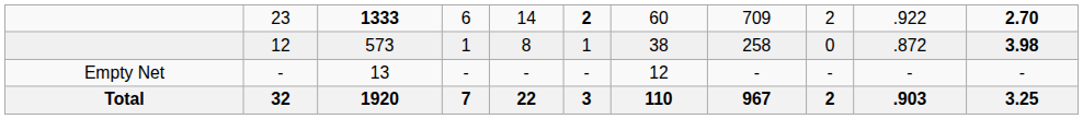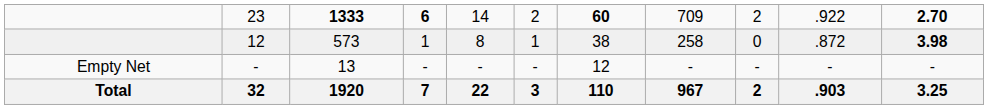 <table class="wikitable sortable" width ="1000">
 <tr align="center">
 </tr>
 <tr align="center" bgcolor="">
 <td></td>
 <td>23</td>
 <td><strong>1333</strong></td>
-<td>6</td>
+<td><strong>6</strong></td>
 <td>14</td>
-<td><strong>2</strong></td>
-<td>60</td>
+<td>2</td>
+<td><strong>60</strong></td>
 <td>709</td>
 <td>2</td>
 <td>.922</td>
 <td><strong>2.70</strong></td>
 </tr>
 <tr align="center" bgcolor="f0f0f0">
 <td></td>
 <td>12</td>
 <td>573</td>
 <td>1</td>
 <td>8</td>
 <td>1</td>
 <td>38</td>
 <td>258</td>
 <td>0</td>
 <td>.872</td>
 <td><strong>3.98</strong></td>
 </tr>
 <tr align="center" bgcolor="">
 <td>Empty Net</td>
 <td>-</td>
 <td>13</td>
 <td>-</td>
 <td>-</td>
 <td>-</td>
 <td>12</td>
 <td>-</td>
 <td>-</td>
 <td>-</td>
 <td>-</td>
 </tr>
 <tr>
 <th>Total</th>
 <th>32</th>
 <th>1920</th>
 <th>7</th>
 <th>22</th>
 <th>3</th>
 <th>110</th>
 <th>967</th>
 <th>2</th>
 <th>.903</th>
 <th>3.25</th>
 </tr>
 </table>
